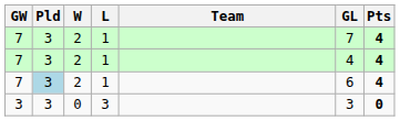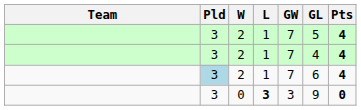 <table class="wikitable" style="text-align:center">
 <tr>
-<th width=20>GW</th>
+<th width=200>Team</th>
 <th width=20>Pld</th>
 <th width=20>W</th>
 <th width=20>L</th>
-<th width=200>Team</th>
+<th width=20>GW</th>
 <th width=20>GL</th>
 <th width=20>Pts</th>
 </tr>
 <tr bgcolor=#ccffcc>
-<td>7</td>
+<td style="text-align:left;"></td>
 <td>3</td>
 <td>2</td>
 <td>1</td>
-<td style="text-align:left;"></td>
 <td>7</td>
+<td>5</td>
 <td><strong>4</strong></td>
 </tr>
 <tr bgcolor=#ccffcc>
-<td>7</td>
+<td style="text-align:left;"></td>
 <td>3</td>
 <td>2</td>
 <td>1</td>
-<td style="text-align:left;"></td>
+<td>7</td>
 <td>4</td>
 <td><strong>4</strong></td>
 </tr>
 <tr>
-<td>7</td>
+<td style="text-align:left;"></td>
 <td style="background: lightblue;">3</td>
 <td>2</td>
 <td>1</td>
-<td style="text-align:left;"></td>
+<td>7</td>
 <td>6</td>
 <td><strong>4</strong></td>
 </tr>
 <tr>
-<td>3</td>
+<td style="text-align:left;"></td>
 <td>3</td>
 <td>0</td>
+<td><strong>3</strong></td>
 <td>3</td>
-<td style="text-align:left;"></td>
-<td>3</td>
+<td>9</td>
 <td><strong>0</strong></td>
 </tr>
 </table>
